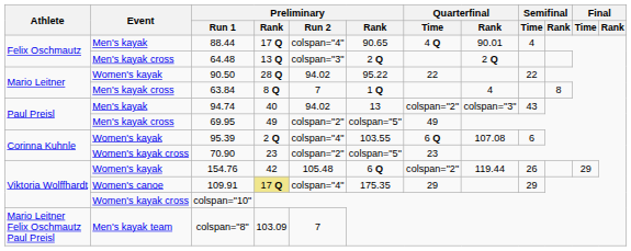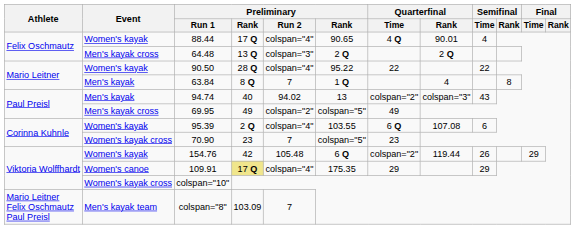 <table class="wikitable" style="font-size:90%; text-align:center">
 <tr>
 <th rowspan="2">Athlete</th>
 <th rowspan="2">Event</th>
 <th colspan="4">Preliminary</th>
 <th colspan="2">Quarterfinal</th>
 <th colspan="2">Semifinal</th>
 <th colspan="2">Final</th>
 </tr>
 <tr style="font-size:95%">
 <th>Run 1</th>
 <th>Rank</th>
 <th>Run 2</th>
 <th>Rank</th>
 <th>Time</th>
 <th>Rank</th>
 <th>Time</th>
 <th>Rank</th>
 <th>Time</th>
 <th>Rank</th>
 </tr>
 <tr>
 <td align="left" rowspan="2"><a href='#'>Felix Oschmautz</a></td>
-<td align="left"><a href='#'>Men's kayak</a></td>
+<td align="left"><a href='#'>Women's kayak</a></td>
 <td>88.44</td>
 <td>17 <strong>Q</strong></td>
 <td>colspan="4" </td>
 <td>90.65</td>
 <td>4 <strong>Q</strong></td>
 <td>90.01</td>
 <td>4</td>
 </tr>
 <tr>
 <td align="left"><a href='#'>Men's kayak cross</a></td>
 <td>64.48</td>
 <td>13 <strong>Q</strong></td>
 <td>colspan="3" </td>
 <td>2 <strong>Q</strong></td>
 <td></td>
 <td>2 <strong>Q</strong></td>
 <td></td>
 <td></td>
 </tr>
 <tr>
 <td align="left" rowspan="2"><a href='#'>Mario Leitner</a></td>
 <td align="left"><a href='#'>Women's kayak</a></td>
 <td>90.50</td>
 <td>28 <strong>Q</strong></td>
-<td>94.02</td>
+<td>colspan="4" </td>
 <td>95.22</td>
 <td>22</td>
 <td></td>
 <td>22</td>
 </tr>
 <tr>
-<td align="left"><a href='#'>Men's kayak cross</a></td>
+<td align="left"><a href='#'>Men's kayak</a></td>
 <td>63.84</td>
 <td>8 <strong>Q</strong></td>
 <td>7</td>
 <td>1 <strong>Q</strong></td>
 <td></td>
 <td>4</td>
 <td></td>
 <td>8</td>
 </tr>
 <tr>
 <td align="left" rowspan="2"><a href='#'>Paul Preisl</a></td>
 <td align="left"><a href='#'>Men's kayak</a></td>
 <td>94.74</td>
 <td>40</td>
 <td>94.02</td>
 <td>13</td>
 <td>colspan="2" </td>
 <td>colspan="3" </td>
 <td>43</td>
 </tr>
 <tr>
 <td align="left"><a href='#'>Men's kayak cross</a></td>
 <td>69.95</td>
 <td>49</td>
 <td>colspan="2" </td>
 <td>colspan="5" </td>
 <td>49</td>
 </tr>
 <tr>
 <td align="left" rowspan="2"><a href='#'>Corinna Kuhnle</a></td>
 <td align="left"><a href='#'>Women's kayak</a></td>
 <td>95.39</td>
 <td>2 <strong>Q</strong></td>
 <td>colspan="4" </td>
 <td>103.55</td>
 <td>6 <strong>Q</strong></td>
 <td>107.08</td>
 <td>6</td>
 </tr>
 <tr>
 <td align="left"><a href='#'>Women's kayak cross</a></td>
 <td>70.90</td>
 <td>23</td>
-<td>colspan="2" </td>
+<td>7</td>
 <td>colspan="5" </td>
 <td>23</td>
 </tr>
 <tr>
 <td align="left" rowspan="3"><a href='#'>Viktoria Wolffhardt</a></td>
 <td align="left"><a href='#'>Women's kayak</a></td>
 <td>154.76</td>
 <td>42</td>
 <td>105.48</td>
 <td>6 <strong>Q</strong></td>
 <td>colspan="2" </td>
 <td>119.44</td>
 <td>26</td>
 <td></td>
 <td>29</td>
 </tr>
 <tr>
 <td align="left"><a href='#'>Women's canoe</a></td>
 <td>109.91</td>
 <td style="background: khaki;">17 <strong>Q</strong></td>
 <td>colspan="4" </td>
 <td>175.35</td>
 <td>29</td>
 <td></td>
 <td>29</td>
 </tr>
 <tr>
 <td align="left"><a href='#'>Women's kayak cross</a></td>
 <td>colspan="10" </td>
 </tr>
 <tr>
 <td align="left"><a href='#'>Mario Leitner</a><br><a href='#'>Felix Oschmautz</a><br><a href='#'>Paul Preisl</a></td>
 <td align="left"><a href='#'>Men's kayak team</a></td>
 <td>colspan="8" </td>
 <td>103.09</td>
 <td>7</td>
 </tr>
 </table>
